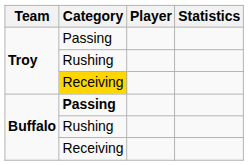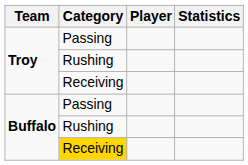 <table class="wikitable" style="float: right;">
 <tr>
 <th>Team</th>
 <th>Category</th>
 <th>Player</th>
 <th>Statistics</th>
 </tr>
 <tr>
 <td rowspan=3><strong>Troy</strong></td>
 <td>Passing</td>
 <td></td>
 <td></td>
 </tr>
 <tr>
 <td>Rushing</td>
 <td></td>
 <td></td>
 </tr>
 <tr>
-<td style="background: gold;">Receiving</td>
+<td>Receiving</td>
 <td></td>
 <td></td>
 </tr>
 <tr>
 <td rowspan=3><strong>Buffalo</strong></td>
-<td><strong>Passing</strong></td>
+<td>Passing</td>
 <td></td>
 <td></td>
 </tr>
 <tr>
 <td>Rushing</td>
 <td></td>
 <td></td>
 </tr>
 <tr>
-<td>Receiving</td>
+<td style="background: gold;">Receiving</td>
 <td></td>
 <td></td>
 </tr>
 </table>
